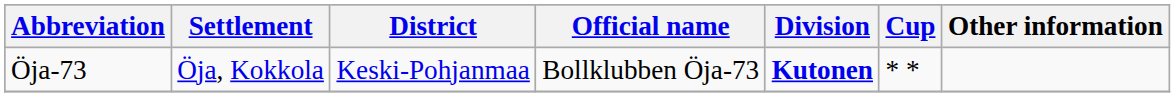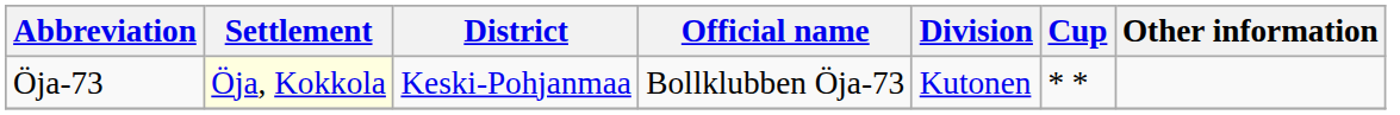 <table class="wikitable" style="text-align:left">
 <tr>
 <th style= width="120px"><a href='#'>Abbreviation</a></th>
 <th style= width="110px"><a href='#'>Settlement</a></th>
 <th style= width="80px"><a href='#'>District</a></th>
 <th style= width="200px"><a href='#'>Official name</a></th>
 <th style= width="80px"><a href='#'>Division</a></th>
 <th style= width="40px"><a href='#'>Cup</a></th>
 <th style= width="220px">Other information</th>
 </tr>
 <tr>
 <td>Öja-73</td>
-<td><a href='#'>Öja</a>, <a href='#'>Kokkola</a></td>
+<td style="background: lightyellow;"><a href='#'>Öja</a>, <a href='#'>Kokkola</a></td>
 <td><a href='#'>Keski-Pohjanmaa</a></td>
 <td>Bollklubben Öja-73</td>
-<td><strong><a href='#'>Kutonen</a></strong></td>
+<td><a href='#'>Kutonen</a></td>
 <td>* *</td>
 <td></td>
 </tr>
 <tr>
 </tr>
 </table>
